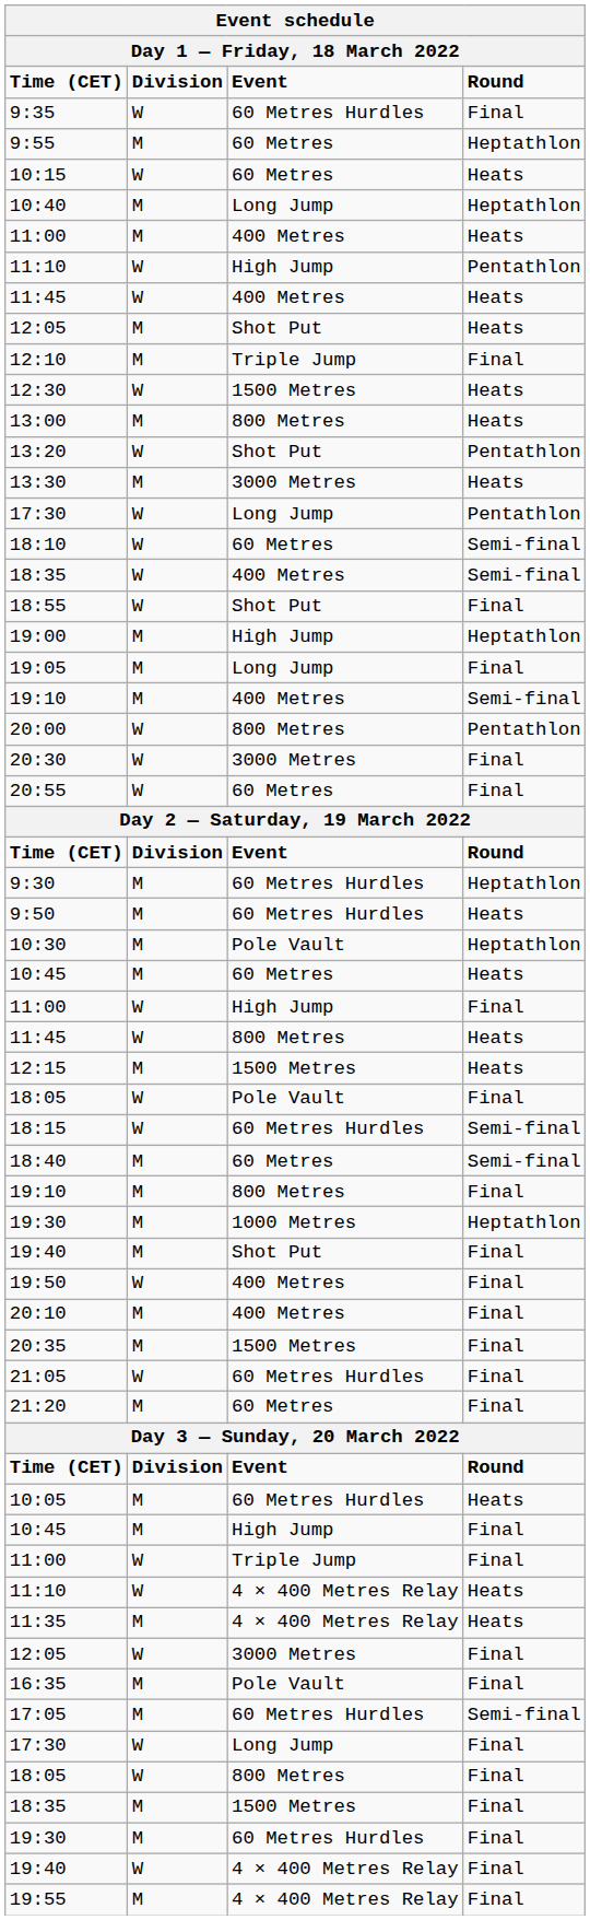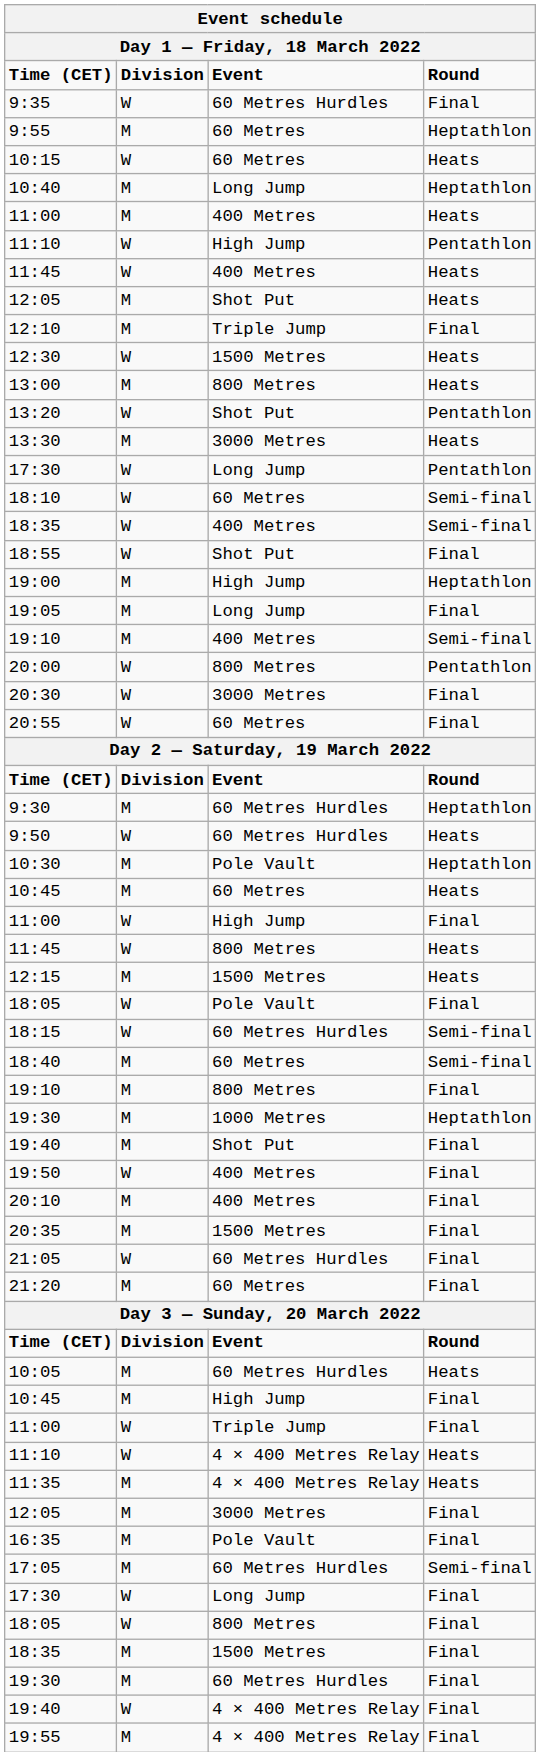 <table class="wikitable collapsible collapsed" style="border:0; position:relative; font-size:100%;">
 <tr>
 <th colspan="4">Event schedule</th>
 </tr>
 <tr>
 <th colspan="4">Day 1 — Friday, 18 March 2022</th>
 </tr>
 <tr>
 <td><strong>Time (CET)</strong></td>
 <td><strong>Division</strong></td>
 <td><strong>Event</strong></td>
 <td><strong>Round</strong></td>
 </tr>
 <tr>
 <td>9:35</td>
 <td>W</td>
 <td>60 Metres Hurdles</td>
 <td>Final</td>
 </tr>
 <tr>
 <td>9:55</td>
 <td>M</td>
 <td>60 Metres</td>
 <td>Heptathlon</td>
 </tr>
 <tr>
 <td>10:15</td>
 <td>W</td>
 <td>60 Metres</td>
 <td>Heats</td>
 </tr>
 <tr>
 <td>10:40</td>
 <td>M</td>
 <td>Long Jump</td>
 <td>Heptathlon</td>
 </tr>
 <tr>
 <td>11:00</td>
 <td>M</td>
 <td>400 Metres</td>
 <td>Heats</td>
 </tr>
 <tr>
 <td>11:10</td>
 <td>W</td>
 <td>High Jump</td>
 <td>Pentathlon</td>
 </tr>
 <tr>
 <td>11:45</td>
 <td>W</td>
 <td>400 Metres</td>
 <td>Heats</td>
 </tr>
 <tr>
 <td>12:05</td>
 <td>M</td>
 <td>Shot Put</td>
 <td>Heats</td>
 </tr>
 <tr>
 <td>12:10</td>
 <td>M</td>
 <td>Triple Jump</td>
 <td>Final</td>
 </tr>
 <tr>
 <td>12:30</td>
 <td>W</td>
 <td>1500 Metres</td>
 <td>Heats</td>
 </tr>
 <tr>
 <td>13:00</td>
 <td>M</td>
 <td>800 Metres</td>
 <td>Heats</td>
 </tr>
 <tr>
 <td>13:20</td>
 <td>W</td>
 <td>Shot Put</td>
 <td>Pentathlon</td>
 </tr>
 <tr>
 <td>13:30</td>
 <td>M</td>
 <td>3000 Metres</td>
 <td>Heats</td>
 </tr>
 <tr>
 <td>17:30</td>
 <td>W</td>
 <td>Long Jump</td>
 <td>Pentathlon</td>
 </tr>
 <tr>
 <td>18:10</td>
 <td>W</td>
 <td>60 Metres</td>
 <td>Semi-final</td>
 </tr>
 <tr>
 <td>18:35</td>
 <td>W</td>
 <td>400 Metres</td>
 <td>Semi-final</td>
 </tr>
 <tr>
 <td>18:55</td>
 <td>W</td>
 <td>Shot Put</td>
 <td>Final</td>
 </tr>
 <tr>
 <td>19:00</td>
 <td>M</td>
 <td>High Jump</td>
 <td>Heptathlon</td>
 </tr>
 <tr>
 <td>19:05</td>
 <td>M</td>
 <td>Long Jump</td>
 <td>Final</td>
 </tr>
 <tr>
 <td>19:10</td>
 <td>M</td>
 <td>400 Metres</td>
 <td>Semi-final</td>
 </tr>
 <tr>
 <td>20:00</td>
 <td>W</td>
 <td>800 Metres</td>
 <td>Pentathlon</td>
 </tr>
 <tr>
 <td>20:30</td>
 <td>W</td>
 <td>3000 Metres</td>
 <td>Final</td>
 </tr>
 <tr>
 <td>20:55</td>
 <td>W</td>
 <td>60 Metres</td>
 <td>Final</td>
 </tr>
 <tr>
 <th colspan="4">Day 2 — Saturday, 19 March 2022</th>
 </tr>
 <tr>
 <td><strong>Time (CET)</strong></td>
 <td><strong>Division</strong></td>
 <td><strong>Event</strong></td>
 <td><strong>Round</strong></td>
 </tr>
 <tr>
 <td>9:30</td>
 <td>M</td>
 <td>60 Metres Hurdles</td>
 <td>Heptathlon</td>
 </tr>
 <tr>
 <td>9:50</td>
-<td>M</td>
+<td>W</td>
 <td>60 Metres Hurdles</td>
 <td>Heats</td>
 </tr>
 <tr>
 <td>10:30</td>
 <td>M</td>
 <td>Pole Vault</td>
 <td>Heptathlon</td>
 </tr>
 <tr>
 <td>10:45</td>
 <td>M</td>
 <td>60 Metres</td>
 <td>Heats</td>
 </tr>
 <tr>
 <td>11:00</td>
 <td>W</td>
 <td>High Jump</td>
 <td>Final</td>
 </tr>
 <tr>
 <td>11:45</td>
 <td>W</td>
 <td>800 Metres</td>
 <td>Heats</td>
 </tr>
 <tr>
 <td>12:15</td>
 <td>M</td>
 <td>1500 Metres</td>
 <td>Heats</td>
 </tr>
 <tr>
 <td>18:05</td>
 <td>W</td>
 <td>Pole Vault</td>
 <td>Final</td>
 </tr>
 <tr>
 <td>18:15</td>
 <td>W</td>
 <td>60 Metres Hurdles</td>
 <td>Semi-final</td>
 </tr>
 <tr>
 <td>18:40</td>
 <td>M</td>
 <td>60 Metres</td>
 <td>Semi-final</td>
 </tr>
 <tr>
 <td>19:10</td>
 <td>M</td>
 <td>800 Metres</td>
 <td>Final</td>
 </tr>
 <tr>
 <td>19:30</td>
 <td>M</td>
 <td>1000 Metres</td>
 <td>Heptathlon</td>
 </tr>
 <tr>
 <td>19:40</td>
 <td>M</td>
 <td>Shot Put</td>
 <td>Final</td>
 </tr>
 <tr>
 <td>19:50</td>
 <td>W</td>
 <td>400 Metres</td>
 <td>Final</td>
 </tr>
 <tr>
 <td>20:10</td>
 <td>M</td>
 <td>400 Metres</td>
 <td>Final</td>
 </tr>
 <tr>
 <td>20:35</td>
 <td>M</td>
 <td>1500 Metres</td>
 <td>Final</td>
 </tr>
 <tr>
 <td>21:05</td>
 <td>W</td>
 <td>60 Metres Hurdles</td>
 <td>Final</td>
 </tr>
 <tr>
 <td>21:20</td>
 <td>M</td>
 <td>60 Metres</td>
 <td>Final</td>
 </tr>
 <tr>
 <th colspan="4">Day 3 — Sunday, 20 March 2022</th>
 </tr>
 <tr>
 <td><strong>Time (CET)</strong></td>
 <td><strong>Division</strong></td>
 <td><strong>Event</strong></td>
 <td><strong>Round</strong></td>
 </tr>
 <tr>
 <td>10:05</td>
 <td>M</td>
 <td>60 Metres Hurdles</td>
 <td>Heats</td>
 </tr>
 <tr>
 <td>10:45</td>
 <td>M</td>
 <td>High Jump</td>
 <td>Final</td>
 </tr>
 <tr>
 <td>11:00</td>
 <td>W</td>
 <td>Triple Jump</td>
 <td>Final</td>
 </tr>
 <tr>
 <td>11:10</td>
 <td>W</td>
 <td>4 × 400 Metres Relay</td>
 <td>Heats</td>
 </tr>
 <tr>
 <td>11:35</td>
 <td>M</td>
 <td>4 × 400 Metres Relay</td>
 <td>Heats</td>
 </tr>
 <tr>
 <td>12:05</td>
-<td>W</td>
+<td>M</td>
 <td>3000 Metres</td>
 <td>Final</td>
 </tr>
 <tr>
 <td>16:35</td>
 <td>M</td>
 <td>Pole Vault</td>
 <td>Final</td>
 </tr>
 <tr>
 <td>17:05</td>
 <td>M</td>
 <td>60 Metres Hurdles</td>
 <td>Semi-final</td>
 </tr>
 <tr>
 <td>17:30</td>
 <td>W</td>
 <td>Long Jump</td>
 <td>Final</td>
 </tr>
 <tr>
 <td>18:05</td>
 <td>W</td>
 <td>800 Metres</td>
 <td>Final</td>
 </tr>
 <tr>
 <td>18:35</td>
 <td>M</td>
 <td>1500 Metres</td>
 <td>Final</td>
 </tr>
 <tr>
 <td>19:30</td>
 <td>M</td>
 <td>60 Metres Hurdles</td>
 <td>Final</td>
 </tr>
 <tr>
 <td>19:40</td>
 <td>W</td>
 <td>4 × 400 Metres Relay</td>
 <td>Final</td>
 </tr>
 <tr>
 <td>19:55</td>
 <td>M</td>
 <td>4 × 400 Metres Relay</td>
 <td>Final</td>
 </tr>
 </table>
